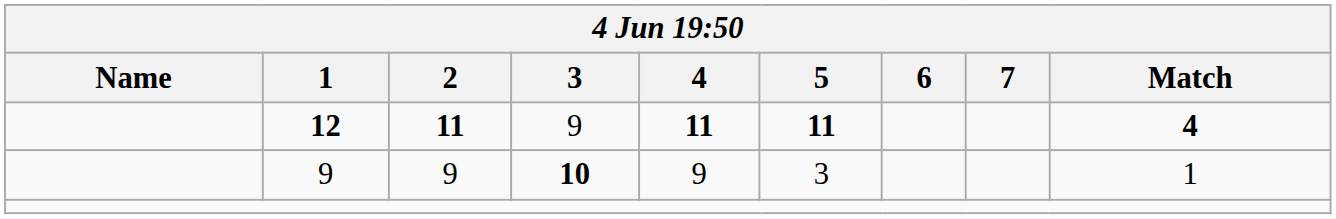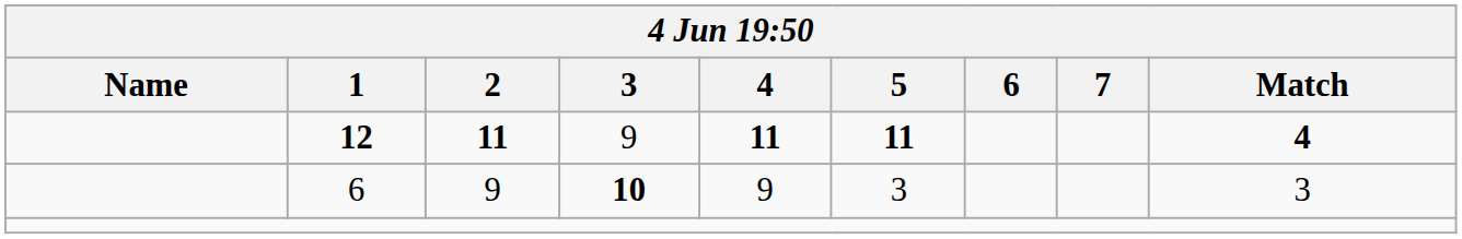 <table class=wikitable style="text-align:center; width: 55%">
 <tr>
 <th colspan=17><em> 4 Jun 19:50</em></th>
 </tr>
 <tr>
 <th>Name</th>
 <th>1</th>
 <th>2</th>
 <th>3</th>
 <th>4</th>
 <th>5</th>
 <th>6</th>
 <th>7</th>
 <th>Match</th>
 </tr>
 <tr>
 <td style="text-align:left;"><strong></strong></td>
 <td><strong>12</strong></td>
 <td><strong>11</strong></td>
 <td>9</td>
 <td><strong>11</strong></td>
 <td><strong>11</strong></td>
 <td></td>
 <td></td>
 <td><strong>4</strong></td>
 </tr>
 <tr>
 <td style="text-align:left;"></td>
-<td>9</td>
+<td>6</td>
 <td>9</td>
 <td><strong>10</strong></td>
 <td>9</td>
 <td>3</td>
 <td></td>
 <td></td>
-<td>1</td>
+<td>3</td>
 </tr>
 <tr>
 <td colspan=17></td>
 </tr>
 </table>
